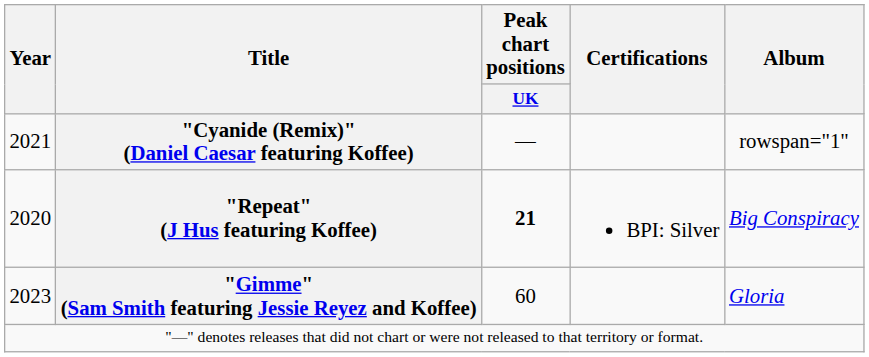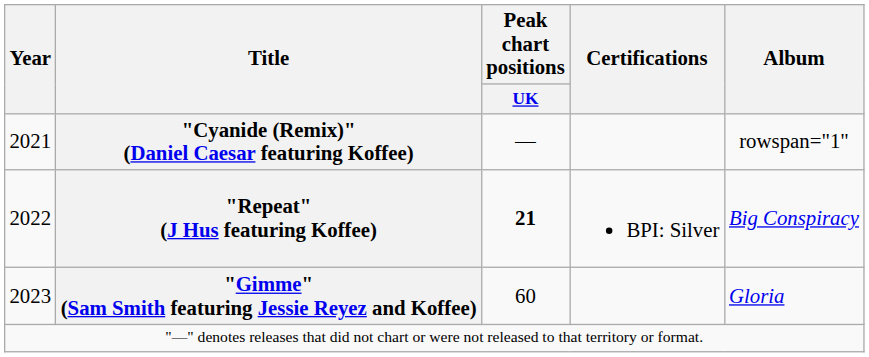 <table class="wikitable plainrowheaders" style="text-align:center;">
 <tr>
 <th rowspan="2">Year</th>
 <th rowspan="2">Title</th>
 <th colspan="1">Peak chart positions</th>
 <th rowspan="2">Certifications</th>
 <th rowspan="2">Album</th>
 </tr>
 <tr style="font-size:smaller;">
 <th style="width:3em;"><a href='#'>UK</a><br></th>
 </tr>
 <tr>
 <td rowspan="1">2021</td>
 <th scope="row">"Cyanide (Remix)"<br><span>(<a href='#'>Daniel Caesar</a> featuring Koffee)</span></th>
 <td>—</td>
 <td></td>
 <td>rowspan="1" </td>
 </tr>
 <tr>
-<td rowspan="1">2020</td>
+<td rowspan="1">2022</td>
 <th scope="row">"Repeat"<br><span>(<a href='#'>J Hus</a> featuring Koffee)</span></th>
 <td><strong>21</strong></td>
 <td><br><ul><li>BPI: Silver</li></ul></td>
 <td style="text-align:left;" rowspan="1"><em><a href='#'>Big Conspiracy</a></em></td>
 </tr>
 <tr>
 <td>2023</td>
 <th scope="row">"<a href='#'>Gimme</a>"<br><span>(<a href='#'>Sam Smith</a> featuring <a href='#'>Jessie Reyez</a> and Koffee)</span></th>
 <td>60</td>
 <td></td>
 <td style="text-align:left;"><em><a href='#'>Gloria</a></em></td>
 </tr>
 <tr>
 <td colspan="7" style="font-size:9pt">"—" denotes releases that did not chart or were not released to that territory or format.</td>
 </tr>
 </table>
